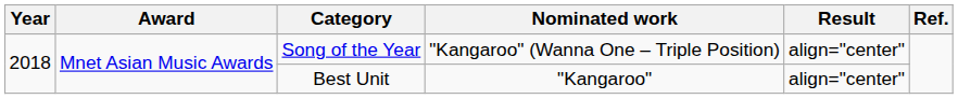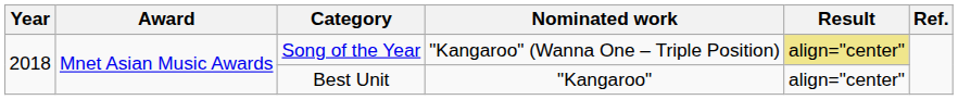 <table class="wikitable" style="text-align:center">
 <tr>
 <th>Year</th>
 <th>Award</th>
 <th>Category</th>
 <th>Nominated work</th>
 <th>Result</th>
 <th>Ref.</th>
 </tr>
 <tr>
 <td align="center" rowspan="2">2018</td>
 <td align="center" rowspan="2"><a href='#'>Mnet Asian Music Awards</a></td>
 <td align="center"><a href='#'>Song of the Year</a></td>
 <td align="center">"Kangaroo" (Wanna One – Triple Position)</td>
-<td>align="center" </td>
+<td style="background: khaki;">align="center" </td>
 <td align="center" rowspan="2"></td>
 </tr>
 <tr>
 <td align="center">Best Unit</td>
 <td align="center">"Kangaroo"</td>
 <td>align="center" </td>
 </tr>
 </table>
